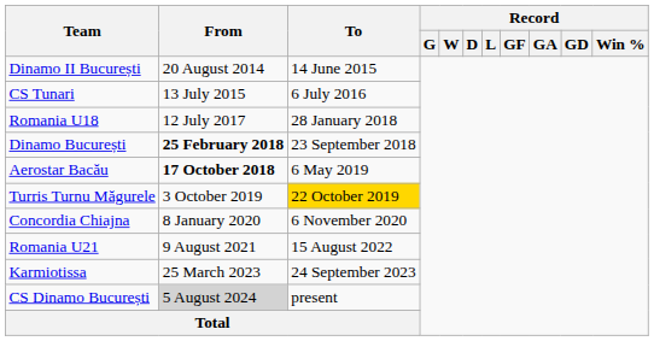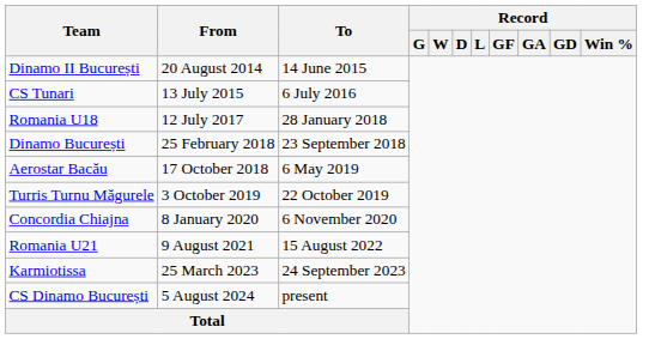 <table class="wikitable" style="text-align: center">
 <tr>
 <th rowspan=2>Team</th>
 <th rowspan=2>From</th>
 <th rowspan=2>To</th>
 <th colspan=8>Record</th>
 </tr>
 <tr>
 <th>G</th>
 <th>W</th>
 <th>D</th>
 <th>L</th>
 <th>GF</th>
 <th>GA</th>
 <th>GD</th>
 <th>Win %</th>
 </tr>
 <tr>
 <td align=left> <a href='#'>Dinamo II București</a></td>
 <td align=left>20 August 2014</td>
 <td align=left>14 June 2015<br></td>
 </tr>
 <tr>
 <td align=left> <a href='#'>CS Tunari</a></td>
 <td align=left>13 July 2015</td>
 <td align=left>6 July 2016<br></td>
 </tr>
 <tr>
 <td align=left> <a href='#'>Romania U18</a></td>
 <td align=left>12 July 2017</td>
 <td align=left>28 January 2018<br></td>
 </tr>
 <tr>
 <td align=left> <a href='#'>Dinamo București</a></td>
-<td align=left><strong>25 February 2018</strong></td>
+<td align=left>25 February 2018</td>
 <td align=left>23 September 2018<br></td>
 </tr>
 <tr>
 <td align=left> <a href='#'>Aerostar Bacău</a></td>
-<td align=left><strong>17 October 2018</strong></td>
+<td align=left>17 October 2018</td>
 <td align=left>6 May 2019<br></td>
 </tr>
 <tr>
 <td align=left> <a href='#'>Turris Turnu Măgurele</a></td>
 <td align=left>3 October 2019</td>
-<td align=left style="background: gold;">22 October 2019<br></td>
+<td align=left>22 October 2019<br></td>
 </tr>
 <tr>
 <td align=left> <a href='#'>Concordia Chiajna</a></td>
 <td align=left>8 January 2020</td>
 <td align=left>6 November 2020<br></td>
 </tr>
 <tr>
 <td align=left> <a href='#'>Romania U21</a></td>
 <td align=left>9 August 2021</td>
 <td align=left>15 August 2022<br></td>
 </tr>
 <tr>
 <td align=left> <a href='#'>Karmiotissa</a></td>
 <td align=left>25 March 2023</td>
 <td align=left>24 September 2023<br></td>
 </tr>
 <tr>
 <td align=left> <a href='#'>CS Dinamo București</a></td>
-<td align=left style="background: lightgrey;">5 August 2024</td>
+<td align=left>5 August 2024</td>
 <td align=left>present<br></td>
 </tr>
 <tr>
 <th colspan="3">Total<br></th>
 </tr>
 </table>
